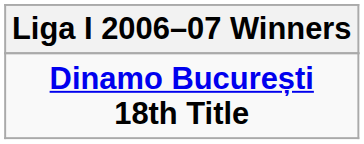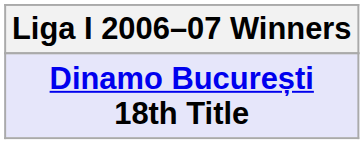 <table class="wikitable" style="text-align: center; margin: 0 auto;">
 <tr>
 <th>Liga I 2006–07 Winners</th>
 </tr>
 <tr>
 </tr>
 <tr>
-<td><strong><a href='#'>Dinamo București</a></strong><br><strong>18th Title</strong></td>
+<td style="background: lavender;"><strong><a href='#'>Dinamo București</a></strong><br><strong>18th Title</strong></td>
 </tr>
 </table>
